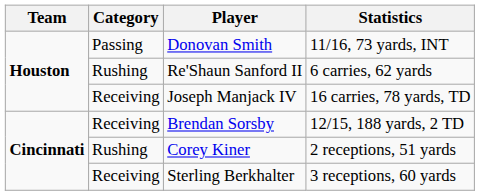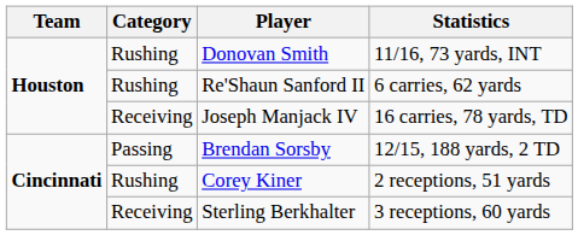 <table class="wikitable" style="float: right;">
 <tr>
 <th>Team</th>
 <th>Category</th>
 <th>Player</th>
 <th>Statistics</th>
 </tr>
 <tr>
 <td rowspan=3><strong>Houston</strong></td>
-<td>Passing</td>
+<td>Rushing</td>
 <td><a href='#'>Donovan Smith</a></td>
 <td>11/16, 73 yards, INT</td>
 </tr>
 <tr>
 <td>Rushing</td>
 <td>Re'Shaun Sanford II</td>
 <td>6 carries, 62 yards</td>
 </tr>
 <tr>
 <td>Receiving</td>
 <td>Joseph Manjack IV</td>
 <td>16 carries, 78 yards, TD</td>
 </tr>
 <tr>
 <td rowspan=3><strong>Cincinnati</strong></td>
-<td>Receiving</td>
+<td>Passing</td>
 <td><a href='#'>Brendan Sorsby</a></td>
 <td>12/15, 188 yards, 2 TD</td>
 </tr>
 <tr>
 <td>Rushing</td>
 <td><a href='#'>Corey Kiner</a></td>
 <td>2 receptions, 51 yards</td>
 </tr>
 <tr>
 <td>Receiving</td>
 <td>Sterling Berkhalter</td>
 <td>3 receptions, 60 yards</td>
 </tr>
 </table>
